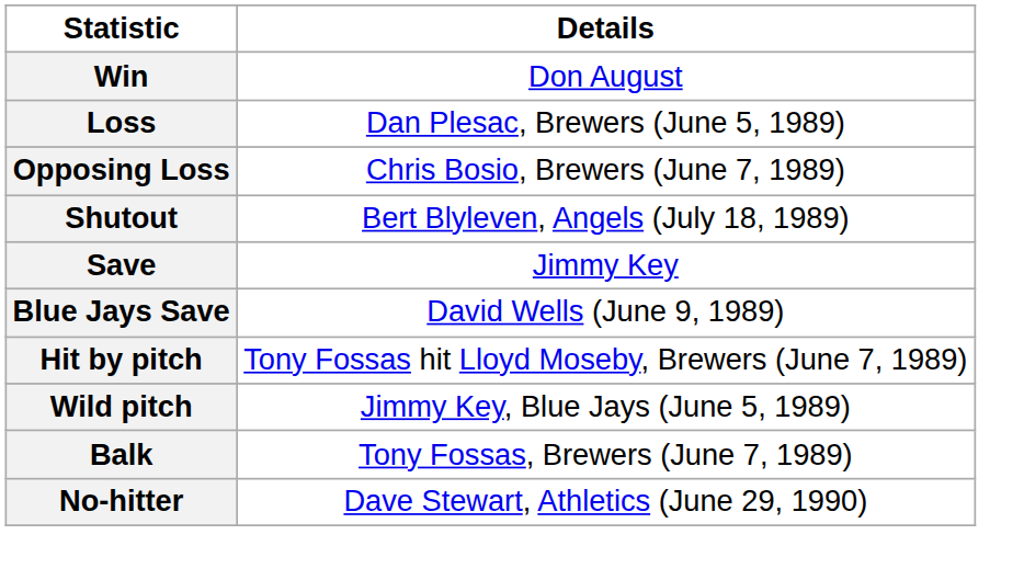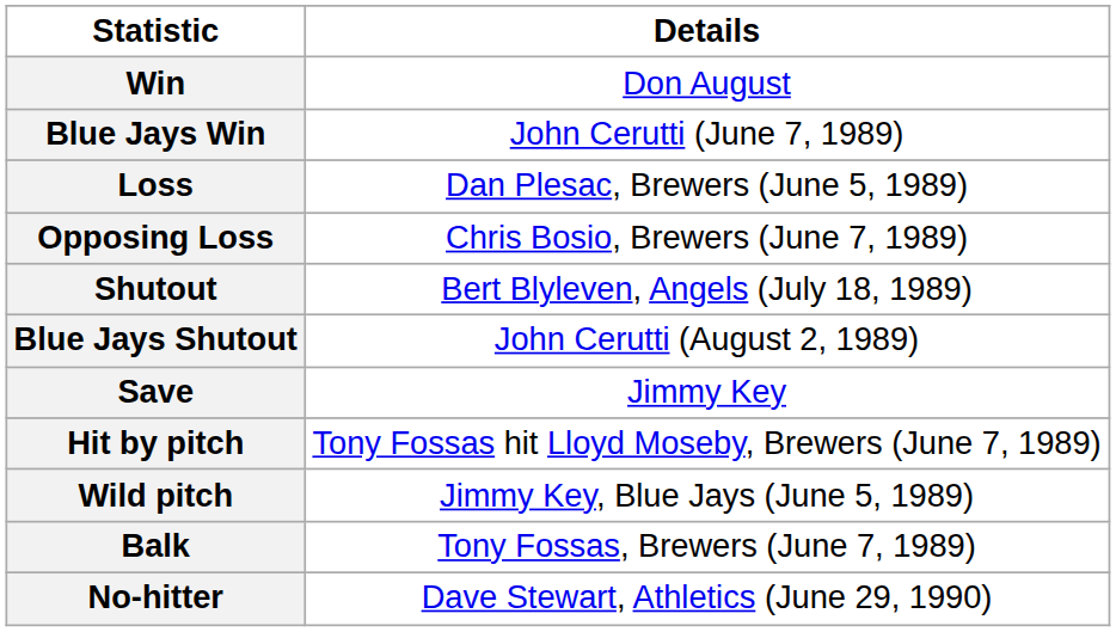 <table class="wikitable" align=center style="margin-left:15px; text-align:center; background:#ffffff;">
 <tr>
 <td><strong>Statistic</strong></td>
 <td><strong>Details</strong></td>
 </tr>
 <tr>
 <th>Win</th>
 <td><a href='#'>Don August</a></td>
+</tr>
+<tr>
+<th>Blue Jays Win</th>
+<td><a href='#'>John Cerutti</a> (June 7, 1989)</td>
 </tr>
 <tr>
 <th>Loss</th>
 <td><a href='#'>Dan Plesac</a>, Brewers (June 5, 1989)</td>
 </tr>
 <tr>
 <th>Opposing Loss</th>
 <td><a href='#'>Chris Bosio</a>, Brewers (June 7, 1989)</td>
 </tr>
 <tr>
 <th>Shutout</th>
 <td><a href='#'>Bert Blyleven</a>, <a href='#'>Angels</a> (July 18, 1989)</td>
 </tr>
 <tr>
+<th>Blue Jays Shutout</th>
+<td><a href='#'>John Cerutti</a> (August 2, 1989)</td>
+</tr>
+<tr>
 <th>Save</th>
 <td><a href='#'>Jimmy Key</a></td>
-</tr>
-<tr>
-<th>Blue Jays Save</th>
-<td><a href='#'>David Wells</a> (June 9, 1989)</td>
 </tr>
 <tr>
 <th>Hit by pitch</th>
 <td><a href='#'>Tony Fossas</a> hit <a href='#'>Lloyd Moseby</a>, Brewers (June 7, 1989)</td>
 </tr>
 <tr>
 <th>Wild pitch</th>
 <td><a href='#'>Jimmy Key</a>, Blue Jays (June 5, 1989)</td>
 </tr>
 <tr>
 <th>Balk</th>
 <td><a href='#'>Tony Fossas</a>, Brewers (June 7, 1989)</td>
 </tr>
 <tr>
 <th>No-hitter</th>
 <td><a href='#'>Dave Stewart</a>, <a href='#'>Athletics</a> (June 29, 1990)</td>
 </tr>
 </table>
